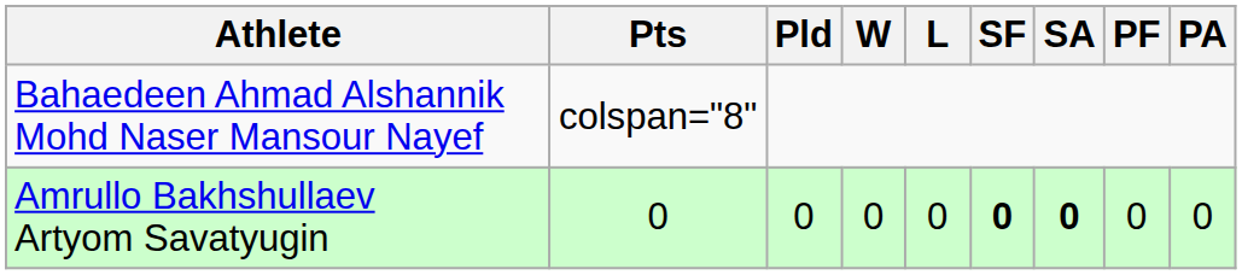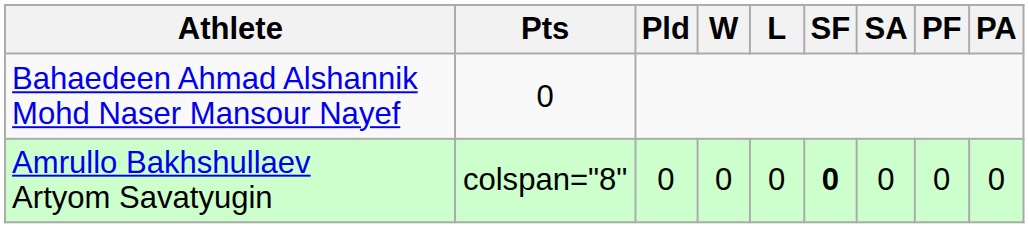 <table class=wikitable style="text-align:center">
 <tr>
 <th width="225">Athlete</th>
 <th width="20">Pts</th>
 <th width="20">Pld</th>
 <th width="20">W</th>
 <th width="20">L</th>
 <th width="20">SF</th>
 <th width="20">SA</th>
 <th width="20">PF</th>
 <th width="20">PA</th>
 </tr>
 <tr>
 <td style="text-align:left"> <a href='#'>Bahaedeen Ahmad Alshannik</a> <br>  <a href='#'>Mohd Naser Mansour Nayef</a></td>
-<td>colspan="8" </td>
+<td>0</td>
 </tr>
 <tr bgcolor="#ccffcc">
 <td style="text-align:left"> <a href='#'>Amrullo Bakhshullaev</a> <br>  Artyom Savatyugin</td>
-<td>0</td>
+<td>colspan="8" </td>
 <td>0</td>
 <td>0</td>
 <td>0</td>
 <td><strong>0</strong></td>
-<td><strong>0</strong></td>
+<td>0</td>
 <td>0</td>
 <td>0</td>
 </tr>
 </table>
